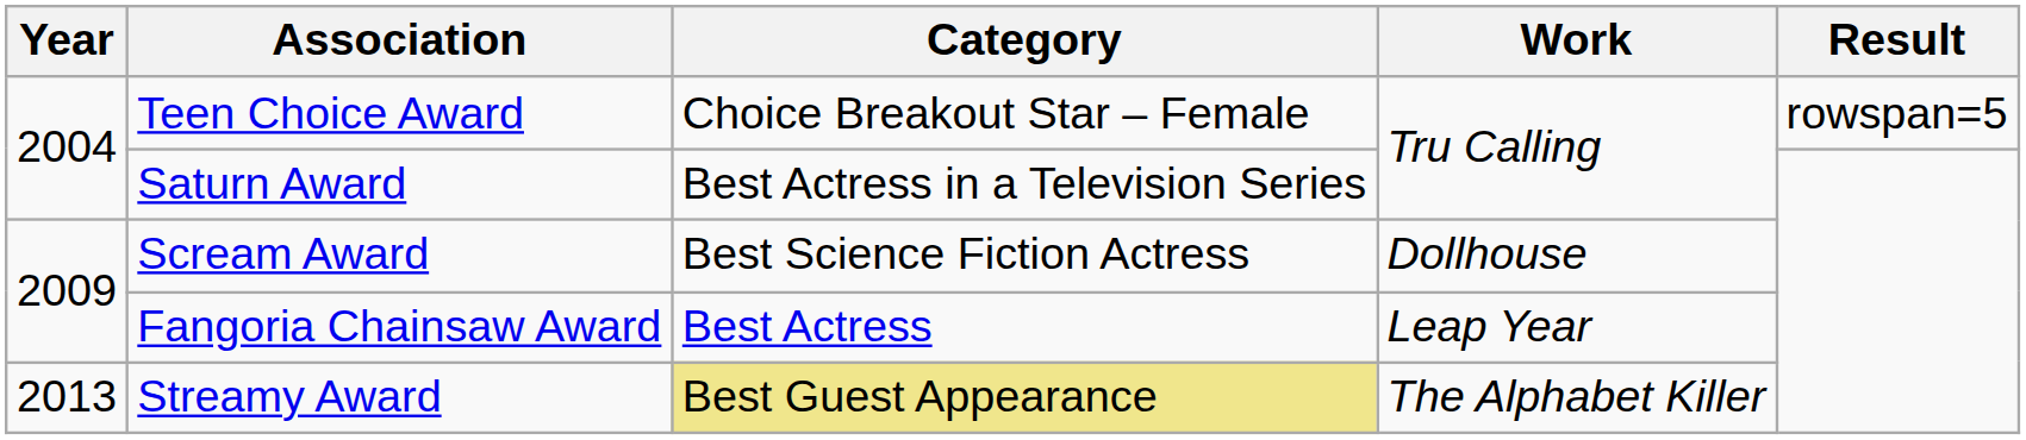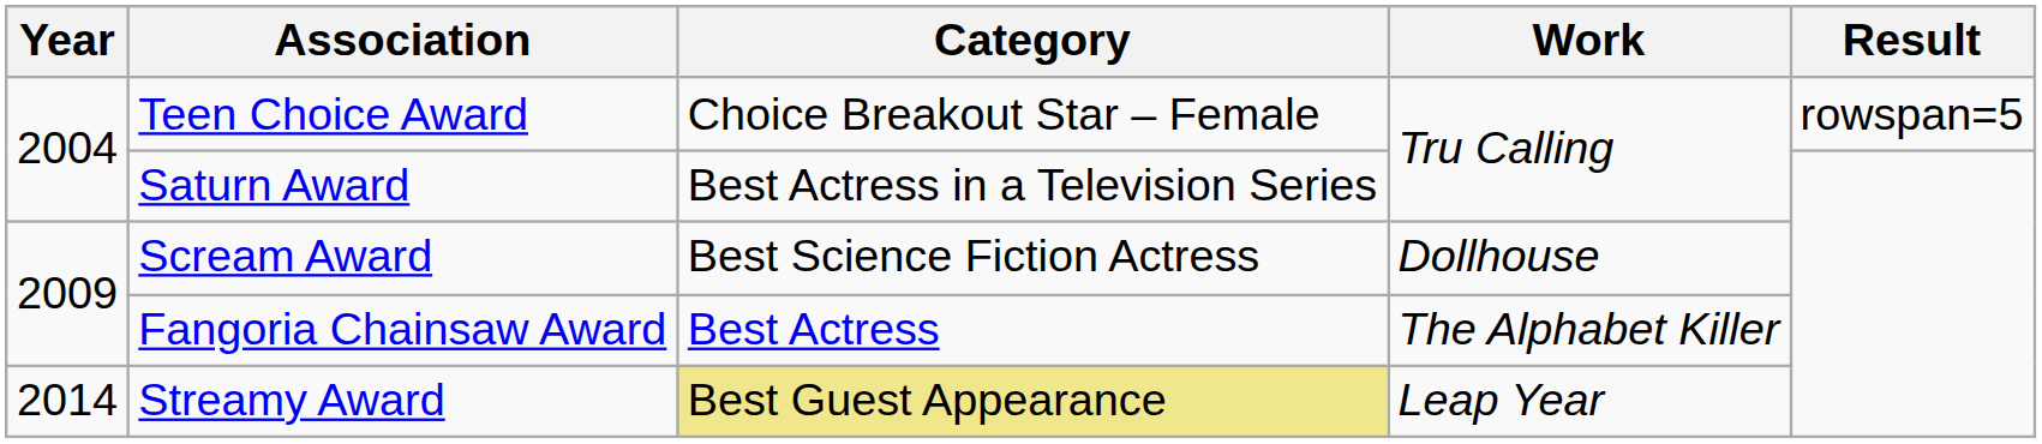 <table class="wikitable sortable">
 <tr>
 <th>Year</th>
 <th>Association</th>
 <th>Category</th>
 <th>Work</th>
 <th>Result</th>
 </tr>
 <tr>
 <td rowspan=2>2004</td>
 <td><a href='#'>Teen Choice Award</a></td>
 <td>Choice Breakout Star – Female</td>
 <td rowspan=2><em>Tru Calling</em></td>
 <td>rowspan=5 </td>
 </tr>
 <tr>
 <td><a href='#'>Saturn Award</a></td>
 <td>Best Actress in a Television Series</td>
 </tr>
 <tr>
 <td rowspan=2>2009</td>
 <td><a href='#'>Scream Award</a></td>
 <td>Best Science Fiction Actress</td>
 <td><em>Dollhouse</em></td>
 </tr>
 <tr>
 <td><a href='#'>Fangoria Chainsaw Award</a></td>
 <td><a href='#'>Best Actress</a></td>
+<td><em>The Alphabet Killer</em></td>
+</tr>
+<tr>
+<td>2014</td>
+<td><a href='#'>Streamy Award</a></td>
+<td style="background: khaki;">Best Guest Appearance</td>
 <td><em>Leap Year</em></td>
 </tr>
-<tr>
-<td>2013</td>
-<td><a href='#'>Streamy Award</a></td>
-<td style="background: khaki;">Best Guest Appearance</td>
-<td><em>The Alphabet Killer</em></td>
-</tr>
 </table>
